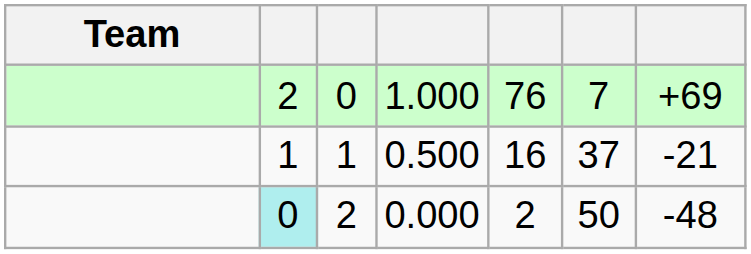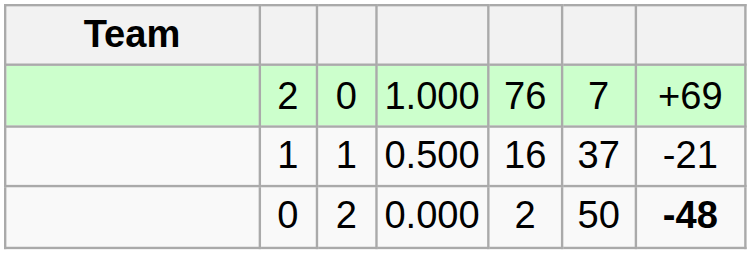 <table class="wikitable" style="text-align:center; width:50%">
 <tr>
 <th width="35%">Team</th>
 <th width="8%"></th>
 <th width="8%"></th>
 <th width="14%"></th>
 <th width="10%"></th>
 <th width="10%"></th>
 <th width="15%"></th>
 </tr>
 <tr style="background:#CCFFCC;">
 <td style="text-align:left;"></td>
 <td>2</td>
 <td>0</td>
 <td>1.000</td>
 <td>76</td>
 <td>7</td>
 <td>+69</td>
 </tr>
 <tr>
 <td style="text-align:left;"></td>
 <td>1</td>
 <td>1</td>
 <td>0.500</td>
 <td>16</td>
 <td>37</td>
 <td>-21</td>
 </tr>
 <tr>
 <td style="text-align:left;"></td>
-<td style="background: paleturquoise;">0</td>
+<td>0</td>
 <td>2</td>
 <td>0.000</td>
 <td>2</td>
 <td>50</td>
-<td>-48</td>
+<td><strong>-48</strong></td>
 </tr>
 </table>
